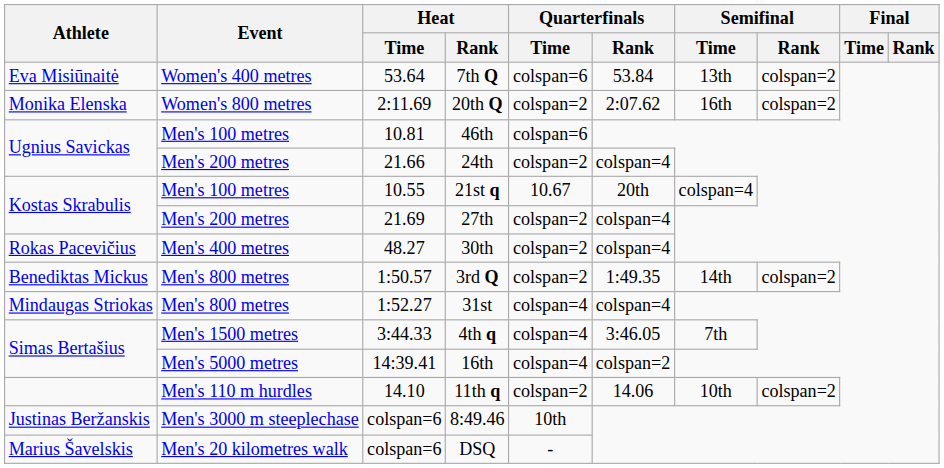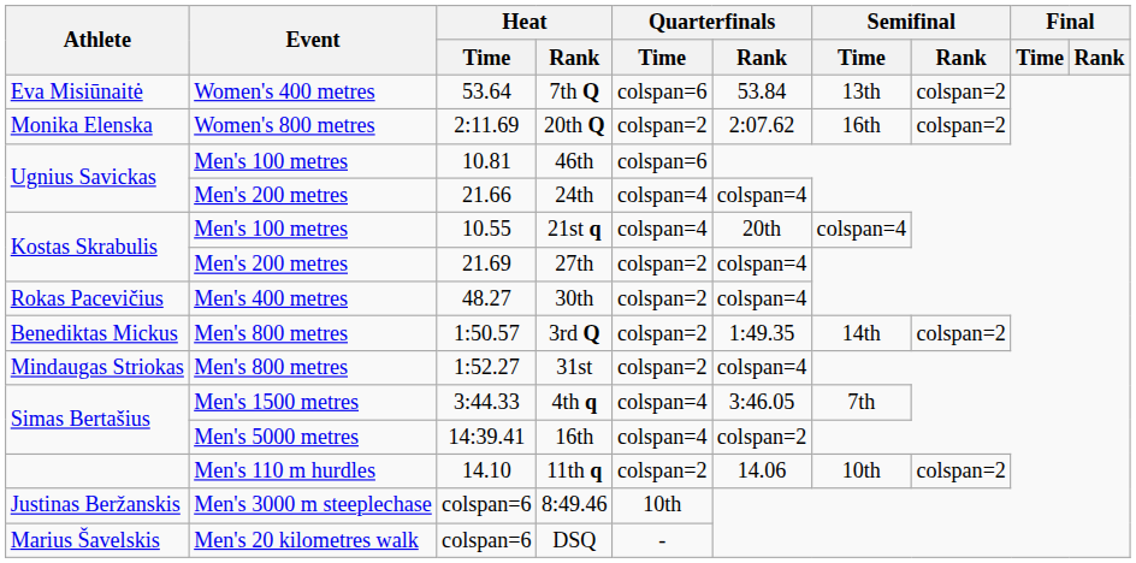 <table class="wikitable">
 <tr>
 <th rowspan="2">Athlete</th>
 <th rowspan="2">Event</th>
 <th colspan="2">Heat</th>
 <th colspan="2">Quarterfinals</th>
 <th colspan="2">Semifinal</th>
 <th colspan="2">Final</th>
 </tr>
 <tr>
 <th>Time</th>
 <th>Rank</th>
 <th>Time</th>
 <th>Rank</th>
 <th>Time</th>
 <th>Rank</th>
 <th>Time</th>
 <th>Rank</th>
 </tr>
 <tr style=text-align:center>
 <td style=text-align:left><a href='#'>Eva Misiūnaitė</a></td>
 <td style=text-align:left><a href='#'>Women's 400 metres</a></td>
 <td>53.64</td>
 <td>7th <strong>Q</strong></td>
 <td>colspan=6 </td>
 <td>53.84</td>
 <td>13th</td>
 <td>colspan=2 </td>
 </tr>
 <tr style=text-align:center>
 <td style=text-align:left><a href='#'>Monika Elenska</a></td>
 <td style=text-align:left><a href='#'>Women's 800 metres</a></td>
 <td>2:11.69</td>
 <td>20th <strong>Q</strong></td>
 <td>colspan=2 </td>
 <td>2:07.62</td>
 <td>16th</td>
 <td>colspan=2 </td>
 </tr>
 <tr style=text-align:center>
 <td style=text-align:left rowspan=2><a href='#'>Ugnius Savickas</a></td>
 <td style=text-align:left><a href='#'>Men's 100 metres</a></td>
 <td>10.81</td>
 <td>46th</td>
 <td>colspan=6 </td>
 </tr>
 <tr style=text-align:center>
 <td style=text-align:left><a href='#'>Men's 200 metres</a></td>
 <td>21.66</td>
 <td>24th</td>
-<td>colspan=2 </td>
+<td>colspan=4 </td>
 <td>colspan=4 </td>
 </tr>
 <tr style=text-align:center>
 <td style=text-align:left rowspan=2><a href='#'>Kostas Skrabulis</a></td>
 <td style=text-align:left><a href='#'>Men's 100 metres</a></td>
 <td>10.55</td>
 <td>21st <strong>q</strong></td>
-<td>10.67</td>
+<td>colspan=4 </td>
 <td>20th</td>
 <td>colspan=4 </td>
 </tr>
 <tr style=text-align:center>
 <td style=text-align:left><a href='#'>Men's 200 metres</a></td>
 <td>21.69</td>
 <td>27th</td>
 <td>colspan=2 </td>
 <td>colspan=4 </td>
 </tr>
 <tr style=text-align:center>
 <td style=text-align:left><a href='#'>Rokas Pacevičius</a></td>
 <td style=text-align:left><a href='#'>Men's 400 metres</a></td>
 <td>48.27</td>
 <td>30th</td>
 <td>colspan=2 </td>
 <td>colspan=4 </td>
 </tr>
 <tr style=text-align:center>
 <td style=text-align:left><a href='#'>Benediktas Mickus</a></td>
 <td style=text-align:left><a href='#'>Men's 800 metres</a></td>
 <td>1:50.57</td>
 <td>3rd <strong>Q</strong></td>
 <td>colspan=2 </td>
 <td>1:49.35</td>
 <td>14th</td>
 <td>colspan=2 </td>
 </tr>
 <tr style=text-align:center>
 <td style=text-align:left><a href='#'>Mindaugas Striokas</a></td>
 <td style=text-align:left><a href='#'>Men's 800 metres</a></td>
 <td>1:52.27</td>
 <td>31st</td>
-<td>colspan=4 </td>
+<td>colspan=2 </td>
 <td>colspan=4 </td>
 </tr>
 <tr style=text-align:center>
 <td style=text-align:left rowspan=2><a href='#'>Simas Bertašius</a></td>
 <td style=text-align:left><a href='#'>Men's 1500 metres</a></td>
 <td>3:44.33</td>
 <td>4th <strong>q</strong></td>
 <td>colspan=4 </td>
 <td>3:46.05</td>
 <td>7th</td>
 </tr>
 <tr style=text-align:center>
 <td style=text-align:left><a href='#'>Men's 5000 metres</a></td>
 <td>14:39.41</td>
 <td>16th</td>
 <td>colspan=4 </td>
 <td>colspan=2 </td>
 </tr>
 <tr style=text-align:center>
 <td style=text-align:left></td>
 <td style=text-align:left><a href='#'>Men's 110 m hurdles</a></td>
 <td>14.10</td>
 <td>11th <strong>q</strong></td>
 <td>colspan=2 </td>
 <td>14.06</td>
 <td>10th</td>
 <td>colspan=2 </td>
 </tr>
 <tr style=text-align:center>
 <td style=text-align:left><a href='#'>Justinas Beržanskis</a></td>
 <td style=text-align:left><a href='#'>Men's 3000 m steeplechase</a></td>
 <td>colspan=6 </td>
 <td>8:49.46</td>
 <td>10th</td>
 </tr>
 <tr style=text-align:center>
 <td style=text-align:left><a href='#'>Marius Šavelskis</a></td>
 <td style=text-align:left><a href='#'>Men's 20 kilometres walk</a></td>
 <td>colspan=6 </td>
 <td>DSQ</td>
 <td>-</td>
 </tr>
 </table>
